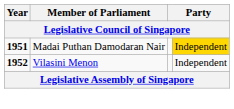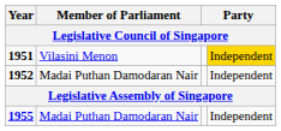 <table class="wikitable">
 <tr>
 <th>Year</th>
 <th>Member of Parliament</th>
 <th colspan="2">Party</th>
 </tr>
 <tr>
 <th colspan="4"><a href='#'>Legislative Council of Singapore</a></th>
 </tr>
 <tr>
 <td><strong>1951</strong></td>
-<td>Madai Puthan Damodaran Nair</td>
+<td><a href='#'>Vilasini Menon</a></td>
 <td></td>
 <td style="background: gold;">Independent</td>
 </tr>
 <tr>
 <td><strong>1952</strong></td>
-<td><a href='#'>Vilasini Menon</a></td>
+<td>Madai Puthan Damodaran Nair</td>
 <td></td>
 <td>Independent</td>
 </tr>
 <tr>
 <th colspan="4"><a href='#'>Legislative Assembly of Singapore</a></th>
 </tr>
+<tr>
+<td><a href='#'><strong>1955</strong></a></td>
+<td><a href='#'>Madai Puthan Damodaran Nair</a></td>
+<td></td>
+<td>Independent</td>
+</tr>
 </table>
